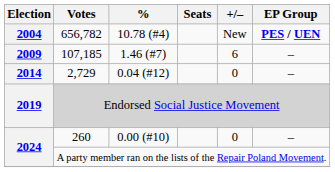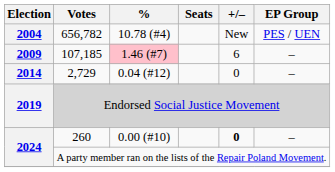 <table class=wikitable style="text-align:center;">
 <tr>
 <th>Election</th>
 <th>Votes</th>
 <th>%</th>
 <th>Seats</th>
 <th>+/–</th>
 <th>EP Group</th>
 </tr>
 <tr>
 <th><a href='#'>2004</a></th>
 <td>656,782</td>
 <td>10.78 (#4)</td>
 <td></td>
 <td>New</td>
-<td><strong><a href='#'>PES</a> / <a href='#'>UEN</a></strong></td>
+<td><a href='#'>PES</a> / <a href='#'>UEN</a></td>
 </tr>
 <tr>
 <th><a href='#'>2009</a></th>
 <td>107,185</td>
-<td>1.46 (#7)</td>
+<td style="background: pink;">1.46 (#7)</td>
 <td></td>
 <td> 6</td>
 <td>–</td>
 </tr>
 <tr>
 <th><a href='#'>2014</a></th>
 <td>2,729</td>
 <td>0.04 (#12)</td>
 <td></td>
 <td> 0</td>
 <td>–</td>
 </tr>
 <tr style=height:3.5em>
 <th><a href='#'>2019</a></th>
 <td colspan="5" style="background:lightgrey;">Endorsed <a href='#'>Social Justice Movement</a></td>
 </tr>
 <tr>
 <th rowspan="2"><a href='#'>2024</a></th>
 <td>260</td>
 <td>0.00 (#10)</td>
 <td></td>
-<td> 0</td>
+<td><strong> 0</strong></td>
 <td>–</td>
 </tr>
 <tr>
 <td colspan="5"><small>A party member ran on the lists of the <a href='#'>Repair Poland Movement</a>.</small></td>
 </tr>
 <tr>
 </tr>
 </table>
